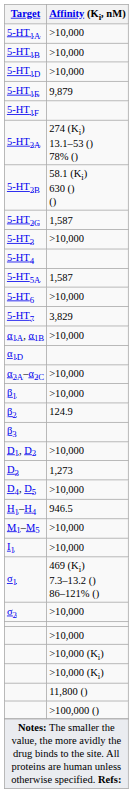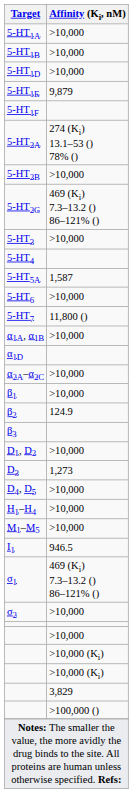 <table class="wikitable floatleft" style="font-size:small;">
 <tr>
 <th><a href='#'>Target</a></th>
 <th><a href='#'>Affinity</a> (K<sub>i</sub>, nM)</th>
 </tr>
 <tr>
 <td><a href='#'>5-HT<sub>1A</sub></a></td>
 <td>>10,000</td>
 </tr>
 <tr>
 <td><a href='#'>5-HT<sub>1B</sub></a></td>
 <td>>10,000</td>
 </tr>
 <tr>
 <td><a href='#'>5-HT<sub>1D</sub></a></td>
 <td>>10,000</td>
 </tr>
 <tr>
 <td><a href='#'>5-HT<sub>1E</sub></a></td>
 <td>9,879</td>
 </tr>
 <tr>
 <td><a href='#'>5-HT<sub>1F</sub></a></td>
 <td></td>
 </tr>
 <tr>
 <td><a href='#'>5-HT<sub>2A</sub></a></td>
 <td>274 (K<sub>i</sub>)<br>13.1–53 ()<br>78% ()</td>
 </tr>
 <tr>
 <td><a href='#'>5-HT<sub>2B</sub></a></td>
-<td>58.1 (K<sub>i</sub>)<br>630 ()<br> ()</td>
+<td>>10,000</td>
 </tr>
 <tr>
 <td><a href='#'>5-HT<sub>2C</sub></a></td>
-<td>1,587</td>
+<td>469 (K<sub>i</sub>)<br>7.3–13.2 ()<br>86–121% ()</td>
 </tr>
 <tr>
 <td><a href='#'>5-HT<sub>3</sub></a></td>
 <td>>10,000</td>
 </tr>
 <tr>
 <td><a href='#'>5-HT<sub>4</sub></a></td>
 <td></td>
 </tr>
 <tr>
 <td><a href='#'>5-HT<sub>5A</sub></a></td>
 <td>1,587</td>
 </tr>
 <tr>
 <td><a href='#'>5-HT<sub>6</sub></a></td>
 <td>>10,000</td>
 </tr>
 <tr>
 <td><a href='#'>5-HT<sub>7</sub></a></td>
-<td>3,829</td>
+<td>11,800 ()</td>
 </tr>
 <tr>
 <td><a href='#'>α<sub>1A</sub></a>, <a href='#'>α<sub>1B</sub></a></td>
 <td>>10,000</td>
 </tr>
 <tr>
 <td><a href='#'>α<sub>1D</sub></a></td>
 <td></td>
 </tr>
 <tr>
 <td><a href='#'>α<sub>2A</sub></a>–<a href='#'>α<sub>2C</sub></a></td>
 <td>>10,000</td>
 </tr>
 <tr>
 <td><a href='#'>β<sub>1</sub></a></td>
 <td>>10,000</td>
 </tr>
 <tr>
 <td><a href='#'>β<sub>2</sub></a></td>
 <td>124.9</td>
 </tr>
 <tr>
 <td><a href='#'>β<sub>3</sub></a></td>
 <td></td>
 </tr>
 <tr>
 <td><a href='#'>D<sub>1</sub></a>, <a href='#'>D<sub>2</sub></a></td>
 <td>>10,000</td>
 </tr>
 <tr>
 <td><a href='#'>D<sub>3</sub></a></td>
 <td>1,273</td>
 </tr>
 <tr>
 <td><a href='#'>D<sub>4</sub></a>, <a href='#'>D<sub>5</sub></a></td>
 <td>>10,000</td>
 </tr>
 <tr>
 <td><a href='#'>H<sub>1</sub></a>–<a href='#'>H<sub>4</sub></a></td>
-<td>946.5</td>
+<td>>10,000</td>
 </tr>
 <tr>
 <td><a href='#'>M<sub>1</sub></a>–<a href='#'>M<sub>5</sub></a></td>
 <td>>10,000</td>
 </tr>
 <tr>
 <td><a href='#'>I<sub>1</sub></a></td>
-<td>>10,000</td>
+<td>946.5</td>
 </tr>
 <tr>
 <td><a href='#'>σ<sub>1</sub></a></td>
 <td>469 (K<sub>i</sub>)<br>7.3–13.2 ()<br>86–121% ()</td>
 </tr>
 <tr>
 <td><a href='#'>σ<sub>2</sub></a></td>
 <td>>10,000</td>
 </tr>
 <tr>
 <td></td>
 <td></td>
 </tr>
 <tr>
 <td></td>
 <td>>10,000</td>
 </tr>
 <tr>
 <td></td>
 <td>>10,000 (K<sub>i</sub>)</td>
 </tr>
 <tr>
 <td></td>
 <td>>10,000 (K<sub>i</sub>)</td>
 </tr>
 <tr>
 <td></td>
-<td>11,800 ()</td>
+<td>3,829</td>
 </tr>
 <tr>
 <td></td>
 <td>>100,000 ()</td>
 </tr>
 <tr>
 </tr>
 <tr class="sortbottom">
 <td colspan="2" style="width: 1px; background-color:#eaecf0; text-align: center;"><strong>Notes:</strong> The smaller the value, the more avidly the drug binds to the site. All proteins are human unless otherwise specified. <strong>Refs:</strong> </td>
 </tr>
 </table>
